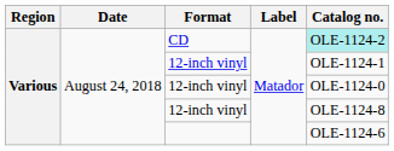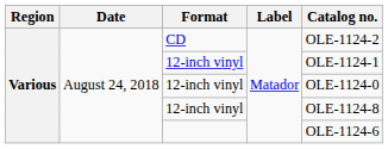 <table class="wikitable plainrowheaders">
 <tr>
 <th scope="col">Region</th>
 <th scope="col">Date</th>
 <th scope="col">Format</th>
 <th scope="col">Label</th>
 <th scope="col">Catalog no.</th>
 </tr>
 <tr>
 <th scope="row" rowspan="5">Various</th>
 <td rowspan="5">August 24, 2018</td>
 <td><a href='#'>CD</a></td>
 <td rowspan="5"><a href='#'>Matador</a></td>
-<td style="background: paleturquoise;">OLE-1124-2</td>
+<td>OLE-1124-2</td>
 </tr>
 <tr>
 <td><a href='#'>12-inch vinyl</a> </td>
 <td>OLE-1124-1</td>
 </tr>
 <tr>
 <td>12-inch vinyl </td>
 <td>OLE-1124-0</td>
 </tr>
 <tr>
 <td>12-inch vinyl </td>
 <td>OLE-1124-8</td>
 </tr>
 <tr>
 <td></td>
 <td>OLE-1124-6</td>
 </tr>
 </table>
